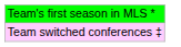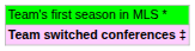 <table class="wikitable">
 <tr>
 <td style="background-color: #0F0;">Team's first season in MLS *</td>
 </tr>
 <tr>
-<td style="background-color: #FCF;">Team switched conferences ‡</td>
+<td style="background-color: #FCF;"><strong>Team switched conferences ‡</strong></td>
 </tr>
 </table>
